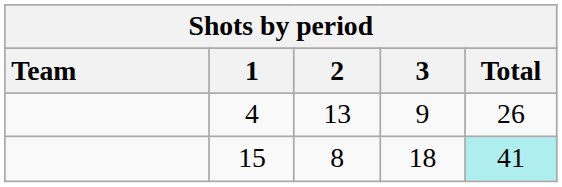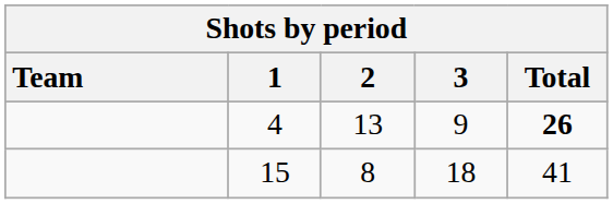 <table class="wikitable" style="width:20em; text-align:right;">
 <tr>
 <th colspan=6>Shots by period</th>
 </tr>
 <tr>
 <th style="width:8em; text-align:left;">Team</th>
 <th style="width:3em;">1</th>
 <th style="width:3em;">2</th>
 <th style="width:3em;">3</th>
 <th style="width:3em;">Total</th>
 </tr>
 <tr>
 <td style="text-align:left;"></td>
 <td align=center>4</td>
 <td align=center>13</td>
 <td align=center>9</td>
-<td align=center>26</td>
+<td align=center><strong>26</strong></td>
 </tr>
 <tr>
 <td style="text-align:left;"></td>
 <td align=center>15</td>
 <td align=center>8</td>
 <td align=center>18</td>
-<td align=center style="background: paleturquoise;">41</td>
+<td align=center>41</td>
 </tr>
 </table>
